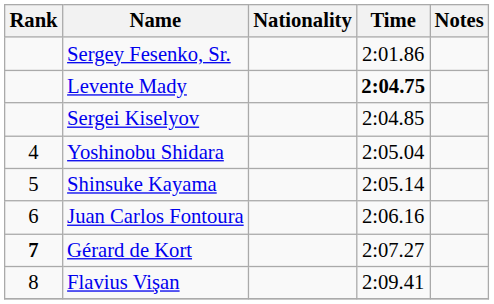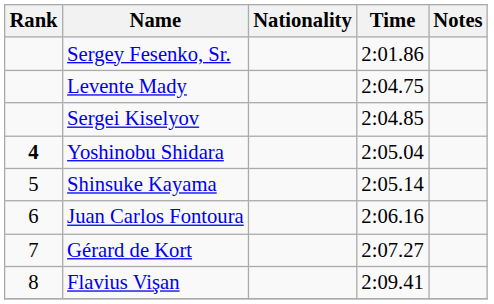 <table class="wikitable sortable" style="text-align:center">
 <tr>
 <th>Rank</th>
 <th>Name</th>
 <th>Nationality</th>
 <th>Time</th>
 <th>Notes</th>
 </tr>
 <tr>
 <td></td>
 <td align="left"><a href='#'>Sergey Fesenko, Sr.</a></td>
 <td align="left"></td>
 <td>2:01.86</td>
 <td></td>
 </tr>
 <tr>
 <td></td>
 <td align="left"><a href='#'>Levente Mady</a></td>
 <td align="left"></td>
-<td><strong>2:04.75</strong></td>
+<td>2:04.75</td>
 <td></td>
 </tr>
 <tr>
 <td></td>
 <td align="left"><a href='#'>Sergei Kiselyov</a></td>
 <td align="left"></td>
 <td>2:04.85</td>
 <td></td>
 </tr>
 <tr>
-<td>4</td>
+<td><strong>4</strong></td>
 <td align="left"><a href='#'>Yoshinobu Shidara</a></td>
 <td align="left"></td>
 <td>2:05.04</td>
 <td></td>
 </tr>
 <tr>
 <td>5</td>
 <td align="left"><a href='#'>Shinsuke Kayama</a></td>
 <td align="left"></td>
 <td>2:05.14</td>
 <td></td>
 </tr>
 <tr>
 <td>6</td>
 <td align="left"><a href='#'>Juan Carlos Fontoura</a></td>
 <td align="left"></td>
 <td>2:06.16</td>
 <td></td>
 </tr>
 <tr>
-<td><strong>7</strong></td>
+<td>7</td>
 <td align="left"><a href='#'>Gérard de Kort</a></td>
 <td align="left"></td>
 <td>2:07.27</td>
 <td></td>
 </tr>
 <tr>
 <td>8</td>
 <td align="left"><a href='#'>Flavius Vişan</a></td>
 <td align="left"></td>
 <td>2:09.41</td>
 <td></td>
 </tr>
 <tr>
 </tr>
 </table>
